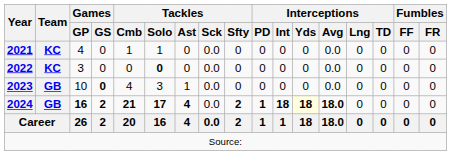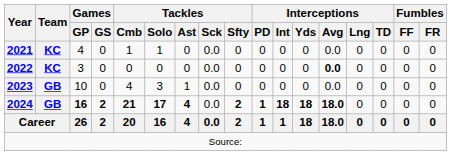 <table class="wikitable" style="text-align: center;">
 <tr>
 <th rowspan="2">Year</th>
 <th rowspan="2">Team</th>
 <th colspan="2">Games</th>
 <th colspan="5">Tackles</th>
 <th colspan="6">Interceptions</th>
 <th colspan="2">Fumbles</th>
 </tr>
 <tr>
 <th>GP</th>
 <th>GS</th>
 <th>Cmb</th>
 <th>Solo</th>
 <th>Ast</th>
 <th>Sck</th>
 <th>Sfty</th>
 <th>PD</th>
 <th>Int</th>
 <th>Yds</th>
 <th>Avg</th>
 <th>Lng</th>
 <th>TD</th>
 <th>FF</th>
 <th>FR</th>
 </tr>
 <tr>
 <th><a href='#'>2021</a></th>
 <th><a href='#'>KC</a></th>
 <td>4</td>
 <td>0</td>
 <td>1</td>
 <td>1</td>
 <td>0</td>
 <td>0.0</td>
 <td>0</td>
 <td>0</td>
 <td>0</td>
 <td>0</td>
 <td>0.0</td>
 <td>0</td>
 <td>0</td>
 <td>0</td>
 <td>0</td>
 </tr>
 <tr>
 <th><a href='#'>2022</a></th>
 <th><a href='#'>KC</a></th>
 <td>3</td>
 <td>0</td>
 <td>0</td>
-<td><strong>0</strong></td>
+<td>0</td>
 <td>0</td>
 <td>0.0</td>
 <td>0</td>
 <td>0</td>
 <td>0</td>
 <td>0</td>
-<td>0.0</td>
+<td><strong>0.0</strong></td>
 <td>0</td>
 <td>0</td>
 <td>0</td>
 <td>0</td>
 </tr>
 <tr>
 <th><a href='#'>2023</a></th>
 <th><a href='#'>GB</a></th>
 <td>10</td>
-<td><strong>0</strong></td>
+<td>0</td>
 <td>4</td>
 <td>3</td>
 <td>1</td>
 <td>0.0</td>
 <td>0</td>
 <td>0</td>
 <td>0</td>
 <td>0</td>
 <td>0.0</td>
 <td>0</td>
 <td>0</td>
 <td>0</td>
 <td>0</td>
 </tr>
 <tr>
 <th><a href='#'>2024</a></th>
 <th><a href='#'>GB</a></th>
 <td><strong>16</strong></td>
 <td><strong>2</strong></td>
 <td><strong>21</strong></td>
 <td><strong>17</strong></td>
 <td><strong>4</strong></td>
 <td>0.0</td>
 <td><strong>2</strong></td>
 <td><strong>1</strong></td>
 <td><strong>18</strong></td>
-<td style="background: lightyellow;"><strong>18</strong></td>
+<td><strong>18</strong></td>
 <td><strong>18.0</strong></td>
 <td>0</td>
 <td>0</td>
 <td>0</td>
 <td>0</td>
 </tr>
 <tr>
 <th colspan="2">Career</th>
 <th>26</th>
 <th>2</th>
 <th>20</th>
 <th>16</th>
 <th>4</th>
 <th>0.0</th>
 <th>2</th>
 <th>1</th>
 <th>1</th>
 <th>18</th>
 <th>18.0</th>
 <th>0</th>
 <th>0</th>
 <th>0</th>
 <th>0</th>
 </tr>
 <tr>
 <td colspan="17"><small>Source: </small></td>
 </tr>
 </table>
